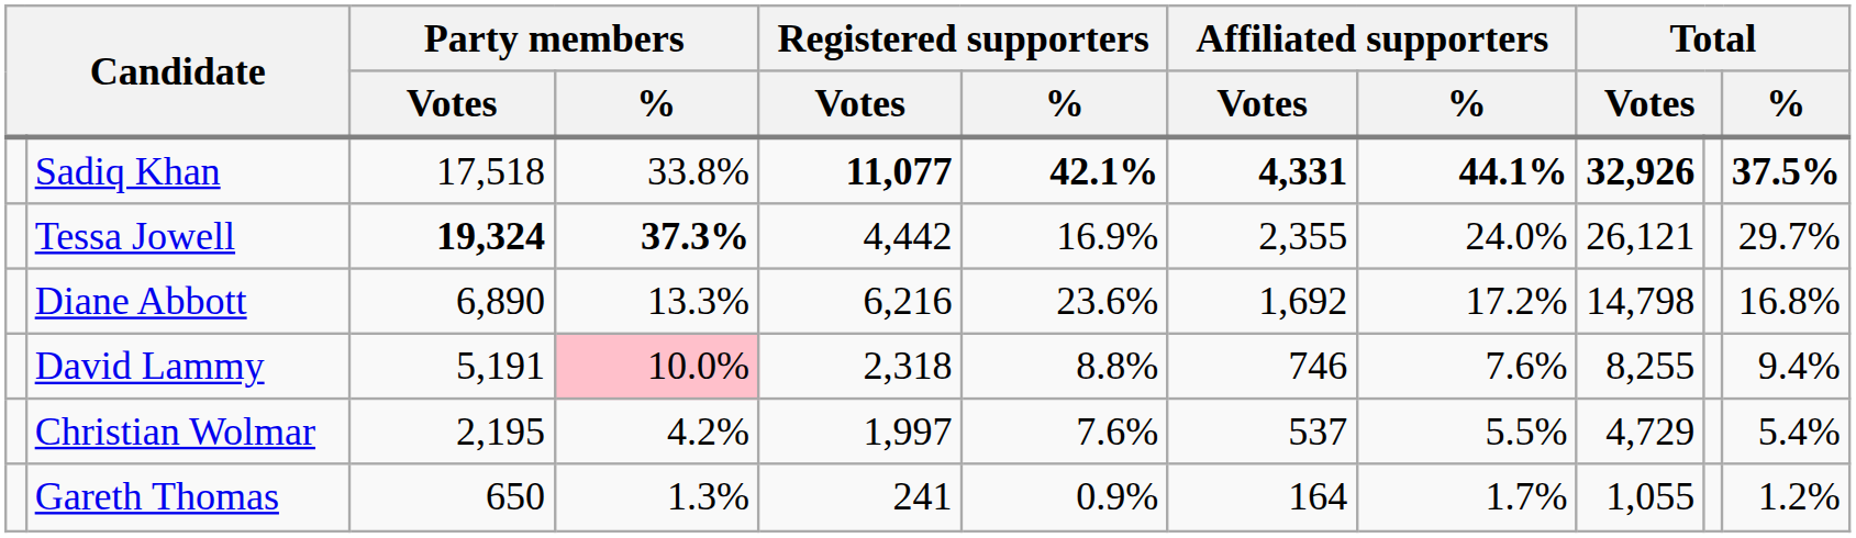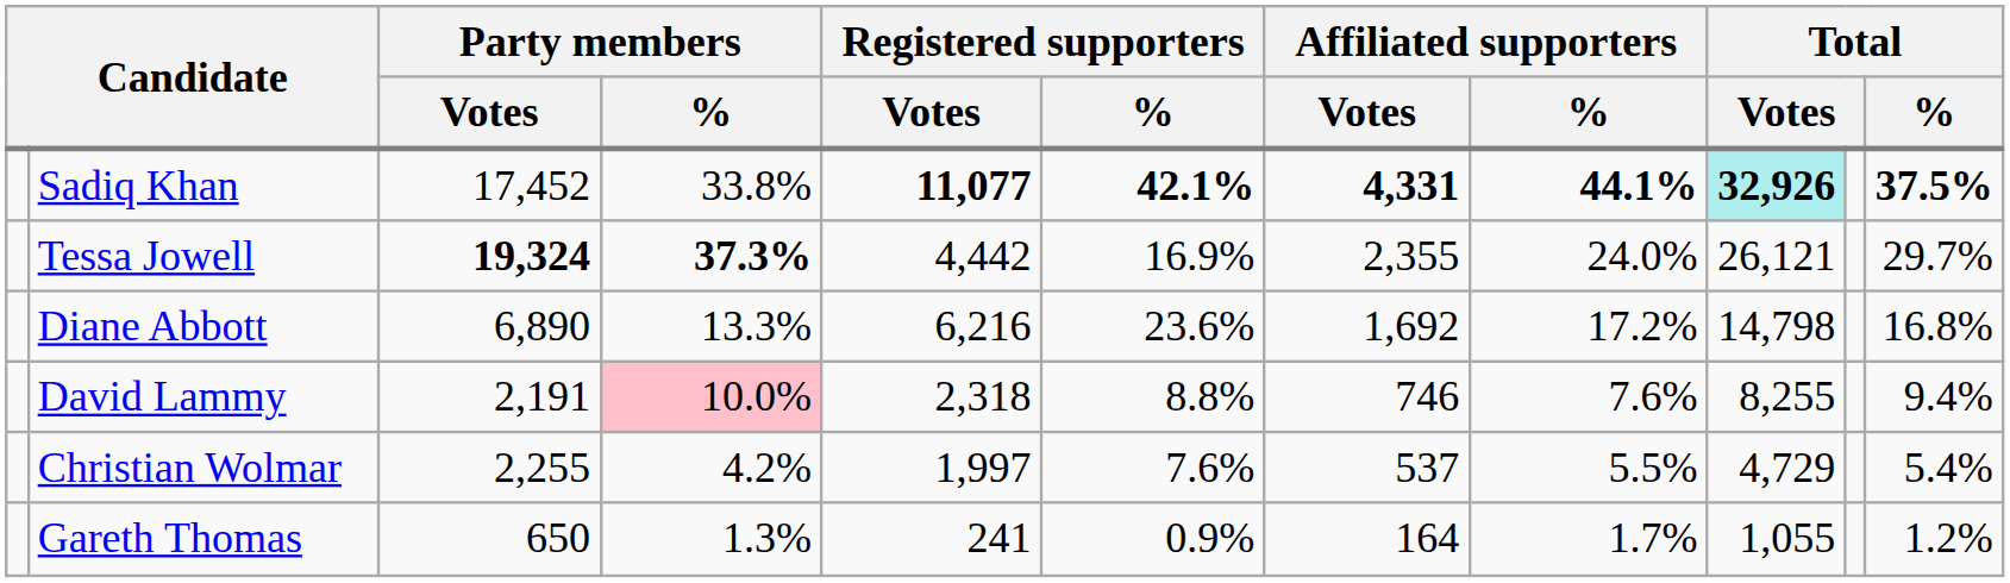 <table class="wikitable" style="font-size: 95%;">
 <tr>
 <th colspan="2" scope="col" rowspan="2" width="125">Candidate</th>
 <th scope="col" colspan="2" width="150">Party members</th>
 <th scope="col" colspan="2" width="150">Registered supporters</th>
 <th scope="col" colspan="2" width="150">Affiliated supporters</th>
 <th scope="col" colspan="3" width="75">Total</th>
 </tr>
 <tr style="background-color:#E9E9E9; border-bottom: 2px solid gray;">
 <th>Votes</th>
 <th>%</th>
 <th>Votes</th>
 <th>%</th>
 <th>Votes</th>
 <th>%</th>
 <th scope="col" colspan="2">Votes</th>
 <th>%</th>
 </tr>
 <tr align="right">
 <td style="background-color: "></td>
 <td scope="row" align="left"><a href='#'>Sadiq Khan</a></td>
-<td>17,518</td>
+<td>17,452</td>
 <td>33.8%</td>
 <td><strong>11,077</strong></td>
 <td><strong>42.1%</strong></td>
 <td><strong>4,331</strong></td>
 <td><strong>44.1%</strong></td>
-<td><strong>32,926</strong></td>
+<td style="background: paleturquoise;"><strong>32,926</strong></td>
 <td align=center></td>
 <td><strong>37.5%</strong></td>
 </tr>
 <tr align="right">
 <td style="background-color: "></td>
 <td scope="row" align="left"><a href='#'>Tessa Jowell</a></td>
 <td><strong>19,324</strong></td>
 <td><strong>37.3%</strong></td>
 <td>4,442</td>
 <td>16.9%</td>
 <td>2,355</td>
 <td>24.0%</td>
 <td>26,121</td>
 <td align=center></td>
 <td>29.7%</td>
 </tr>
 <tr align="right">
 <td style="background-color: "></td>
 <td scope="row" align="left"><a href='#'>Diane Abbott</a></td>
 <td>6,890</td>
 <td>13.3%</td>
 <td>6,216</td>
 <td>23.6%</td>
 <td>1,692</td>
 <td>17.2%</td>
 <td>14,798</td>
 <td align=center></td>
 <td>16.8%</td>
 </tr>
 <tr align="right">
 <td style="background-color: "></td>
 <td scope="row" align="left"><a href='#'>David Lammy</a></td>
-<td>5,191</td>
+<td>2,191</td>
 <td style="background: pink;">10.0%</td>
 <td>2,318</td>
 <td>8.8%</td>
 <td>746</td>
 <td>7.6%</td>
 <td>8,255</td>
 <td align=center></td>
 <td>9.4%</td>
 </tr>
 <tr align="right">
 <td style="background-color: "></td>
 <td scope="row" align="left"><a href='#'>Christian Wolmar</a></td>
-<td>2,195</td>
+<td>2,255</td>
 <td>4.2%</td>
 <td>1,997</td>
 <td>7.6%</td>
 <td>537</td>
 <td>5.5%</td>
 <td>4,729</td>
 <td align=center></td>
 <td>5.4%</td>
 </tr>
 <tr align="right">
 <td style="background-color: "></td>
 <td scope="row" align="left"><a href='#'>Gareth Thomas</a></td>
 <td>650</td>
 <td>1.3%</td>
 <td>241</td>
 <td>0.9%</td>
 <td>164</td>
 <td>1.7%</td>
 <td>1,055</td>
 <td align=center></td>
 <td>1.2%</td>
 </tr>
 </table>
